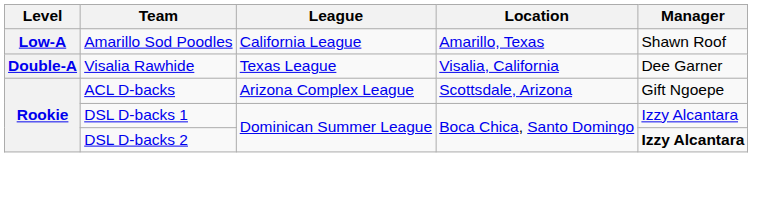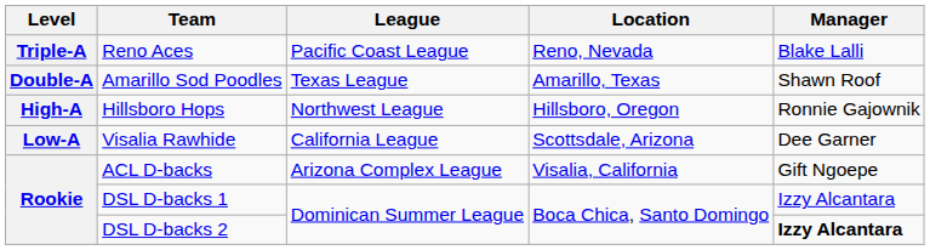 <table class="wikitable plainrowheaders">
 <tr>
 <th scope="col" style="text-align:center; ">Level</th>
 <th scope="col" style="text-align:center; ">Team</th>
 <th scope="col" style="text-align:center; ">League</th>
 <th scope="col" style="text-align:center; ">Location</th>
 <th scope="col" style="text-align:center; ">Manager</th>
 </tr>
 <tr>
-<th scope="row"><a href='#'>Low-A</a></th>
+<th scope="row"><a href='#'>Triple-A</a></th>
+<td><a href='#'>Reno Aces</a></td>
+<td><a href='#'>Pacific Coast League</a></td>
+<td><a href='#'>Reno, Nevada</a></td>
+<td><a href='#'>Blake Lalli</a></td>
+</tr>
+<tr>
+<th scope="row"><a href='#'>Double-A</a></th>
 <td><a href='#'>Amarillo Sod Poodles</a></td>
-<td><a href='#'>California League</a></td>
+<td><a href='#'>Texas League</a></td>
 <td><a href='#'>Amarillo, Texas</a></td>
 <td>Shawn Roof</td>
 </tr>
 <tr>
-<th scope="row"><a href='#'>Double-A</a></th>
+<th scope="row"><a href='#'>High-A</a></th>
+<td><a href='#'>Hillsboro Hops</a></td>
+<td><a href='#'>Northwest League</a></td>
+<td><a href='#'>Hillsboro, Oregon</a></td>
+<td>Ronnie Gajownik</td>
+</tr>
+<tr>
+<th scope="row"><a href='#'>Low-A</a></th>
 <td><a href='#'>Visalia Rawhide</a></td>
-<td><a href='#'>Texas League</a></td>
-<td><a href='#'>Visalia, California</a></td>
+<td><a href='#'>California League</a></td>
+<td><a href='#'>Scottsdale, Arizona</a></td>
 <td>Dee Garner</td>
 </tr>
 <tr>
 <th scope="row" rowspan=4><a href='#'>Rookie</a></th>
 <td><a href='#'>ACL D-backs</a></td>
 <td><a href='#'>Arizona Complex League</a></td>
-<td><a href='#'>Scottsdale, Arizona</a></td>
+<td><a href='#'>Visalia, California</a></td>
 <td>Gift Ngoepe</td>
 </tr>
 <tr>
 <td><a href='#'>DSL D-backs 1</a></td>
 <td rowspan=2><a href='#'>Dominican Summer League</a></td>
 <td rowspan=2><a href='#'>Boca Chica</a>, <a href='#'>Santo Domingo</a></td>
 <td><a href='#'>Izzy Alcantara</a></td>
 </tr>
 <tr>
 <td><a href='#'>DSL D-backs 2</a></td>
 <td><strong>Izzy Alcantara</strong></td>
 </tr>
 </table>
